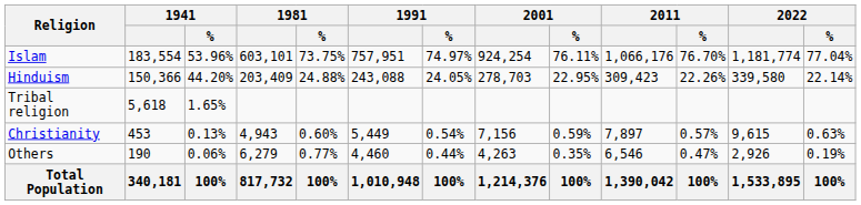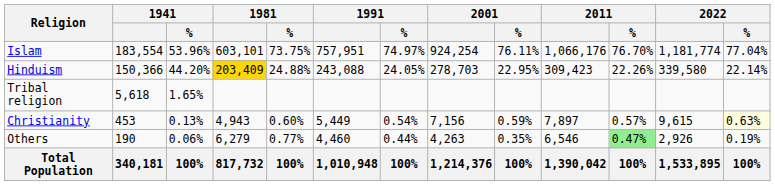 <table class="wikitable sortable">
 <tr>
 <th rowspan="2">Religion</th>
 <th colspan="2">1941</th>
 <th colspan="2">1981</th>
 <th colspan="2">1991</th>
 <th colspan="2">2001</th>
 <th colspan="2">2011</th>
 <th colspan="2">2022</th>
 </tr>
 <tr>
 <th></th>
 <th>%</th>
 <th></th>
 <th>%</th>
 <th></th>
 <th>%</th>
 <th></th>
 <th>%</th>
 <th></th>
 <th>%</th>
 <th></th>
 <th>%</th>
 </tr>
 <tr>
 <td><a href='#'>Islam</a> </td>
 <td>183,554</td>
 <td>53.96%</td>
 <td>603,101</td>
 <td>73.75%</td>
 <td>757,951</td>
 <td>74.97%</td>
 <td>924,254</td>
 <td>76.11%</td>
 <td>1,066,176</td>
 <td>76.70%</td>
 <td>1,181,774</td>
 <td>77.04%</td>
 </tr>
 <tr>
 <td><a href='#'>Hinduism</a> </td>
 <td>150,366</td>
 <td>44.20%</td>
-<td>203,409</td>
+<td style="background: gold;">203,409</td>
 <td>24.88%</td>
 <td>243,088</td>
 <td>24.05%</td>
 <td>278,703</td>
 <td>22.95%</td>
 <td>309,423</td>
 <td>22.26%</td>
 <td>339,580</td>
 <td>22.14%</td>
 </tr>
 <tr>
 <td>Tribal religion</td>
 <td>5,618</td>
 <td>1.65%</td>
 <td></td>
 <td></td>
 <td></td>
 <td></td>
 <td></td>
 <td></td>
 <td></td>
 <td></td>
 <td></td>
 <td></td>
 </tr>
 <tr>
 <td><a href='#'>Christianity</a> </td>
 <td>453</td>
 <td>0.13%</td>
 <td>4,943</td>
 <td>0.60%</td>
 <td>5,449</td>
 <td>0.54%</td>
 <td>7,156</td>
 <td>0.59%</td>
 <td>7,897</td>
 <td>0.57%</td>
 <td>9,615</td>
-<td>0.63%</td>
+<td style="background: lightyellow;">0.63%</td>
 </tr>
 <tr>
 <td>Others </td>
 <td>190</td>
 <td>0.06%</td>
 <td>6,279</td>
 <td>0.77%</td>
 <td>4,460</td>
 <td>0.44%</td>
 <td>4,263</td>
 <td>0.35%</td>
 <td>6,546</td>
-<td>0.47%</td>
+<td style="background: lightgreen;">0.47%</td>
 <td>2,926</td>
 <td>0.19%</td>
 </tr>
 <tr>
 <th>Total Population</th>
 <th>340,181</th>
 <th>100%</th>
 <th>817,732</th>
 <th>100%</th>
 <th>1,010,948</th>
 <th>100%</th>
 <th>1,214,376</th>
 <th>100%</th>
 <th>1,390,042</th>
 <th>100%</th>
 <th>1,533,895</th>
 <th>100%</th>
 </tr>
 </table>
